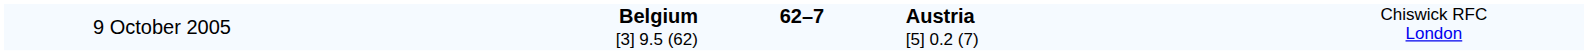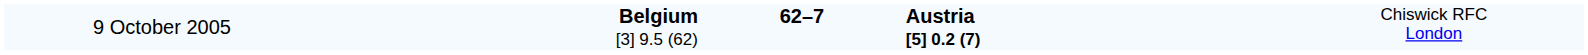 <table style="width: 100%; background:#F5FAFF;" cellspacing="0">
 <tr>
 <td align=center rowspan=3 width=20%>9 October 2005</td>
 </tr>
 <tr>
 <td width=24% align=right><strong>Belgium</strong></td>
 <td align=center width=13%><strong>62–7</strong></td>
 <td width=24%><strong>Austria</strong></td>
 <td style=font-size:85% rowspan=3 valign=top align=center>Chiswick RFC<br><a href='#'>London</a></td>
 </tr>
 <tr style=font-size:85%>
 <td align=right>[3] 9.5 (62)</td>
 <td></td>
-<td>[5] 0.2 (7)</td>
+<td><strong>[5] 0.2 (7)</strong></td>
 </tr>
 </table>
